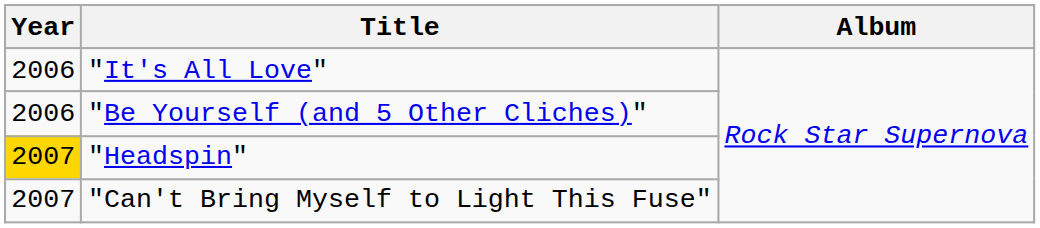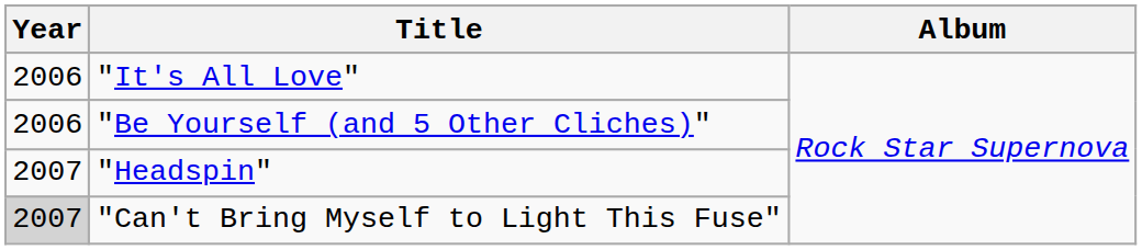 <table class="wikitable">
 <tr>
 <th>Year</th>
 <th>Title</th>
 <th>Album</th>
 </tr>
 <tr>
 <td>2006</td>
 <td>"<a href='#'>It's All Love</a>"</td>
 <td rowspan="4"><em><a href='#'>Rock Star Supernova</a></em></td>
 </tr>
 <tr>
 <td>2006</td>
 <td>"<a href='#'>Be Yourself (and 5 Other Cliches)</a>"</td>
 </tr>
 <tr>
-<td style="background: gold;">2007</td>
+<td>2007</td>
 <td>"<a href='#'>Headspin</a>"</td>
 </tr>
 <tr>
-<td>2007</td>
+<td style="background: lightgrey;">2007</td>
 <td>"Can't Bring Myself to Light This Fuse"</td>
 </tr>
 </table>
